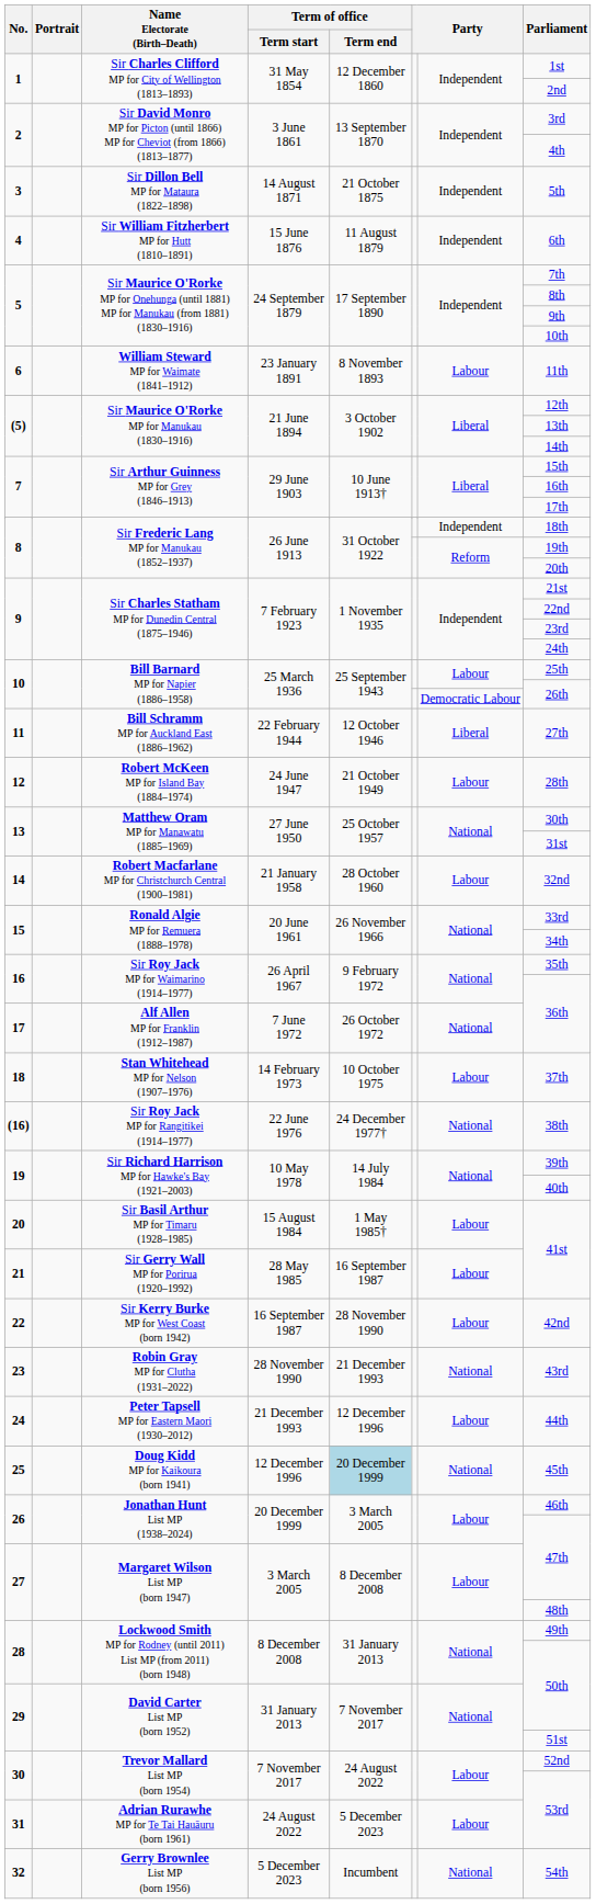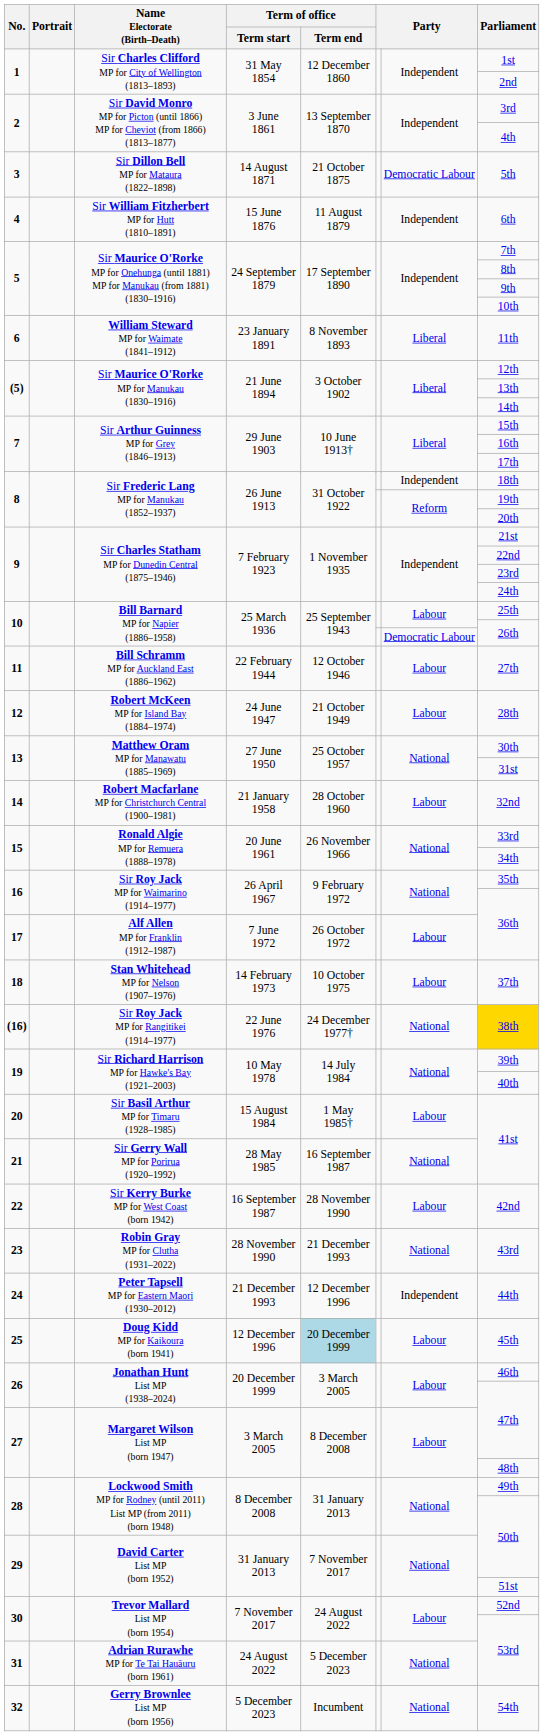 <table class="wikitable" style="text-align:center">
 <tr>
 <th rowspan="2">No.</th>
 <th rowspan="2" scope="col">Portrait</th>
 <th rowspan="2" scope="col" width="200px">Name<br><small>Electorate<br>(Birth–Death)</small></th>
 <th colspan="2" scope="col" width="100px">Term of office</th>
 <th colspan="2" rowspan="2">Party</th>
 <th rowspan="2">Parliament</th>
 </tr>
 <tr>
 <th width="95px">Term start</th>
 <th width="95px">Term end</th>
 </tr>
 <tr>
 <td rowspan="2"><strong>1</strong></td>
 <td rowspan="2"></td>
 <td rowspan="2"><a href='#'>Sir <strong>Charles Clifford</strong></a><br><small>MP for <a href='#'>City of Wellington</a></small><br><small>(1813–1893)</small></td>
 <td rowspan="2">31 May<br>1854</td>
 <td rowspan="2">12 December<br>1860</td>
 <td rowspan="2" style="background:"></td>
 <td rowspan="2">Independent</td>
 <td><a href='#'>1st</a></td>
 </tr>
 <tr>
 <td><a href='#'>2nd</a></td>
 </tr>
 <tr>
 <td rowspan="2"><strong>2</strong></td>
 <td rowspan="2"></td>
 <td rowspan="2"><a href='#'>Sir <strong>David Monro</strong></a><br><small>MP for <a href='#'>Picton</a> (until 1866)</small><br><small>MP for <a href='#'>Cheviot</a> (from 1866)</small><br><small>(1813–1877)</small></td>
 <td rowspan="2">3 June<br>1861</td>
 <td rowspan="2">13 September<br>1870</td>
 <td rowspan="2" style="background:"></td>
 <td rowspan="2">Independent</td>
 <td><a href='#'>3rd</a></td>
 </tr>
 <tr>
 <td><a href='#'>4th</a></td>
 </tr>
 <tr>
 <td><strong>3</strong></td>
 <td></td>
 <td><a href='#'>Sir <strong>Dillon Bell</strong></a><br><small>MP for <a href='#'>Mataura</a></small><br><small>(1822–1898)</small></td>
 <td>14 August<br>1871</td>
 <td>21 October<br>1875</td>
 <td style="background:"></td>
-<td>Independent</td>
+<td><a href='#'>Democratic Labour</a></td>
 <td><a href='#'>5th</a></td>
 </tr>
 <tr>
 <td><strong>4</strong></td>
 <td></td>
 <td><a href='#'>Sir <strong>William Fitzherbert</strong></a><br><small>MP for <a href='#'>Hutt</a></small><br><small>(1810–1891)</small></td>
 <td>15 June<br>1876</td>
 <td>11 August<br>1879</td>
 <td style="background:"></td>
 <td>Independent</td>
 <td><a href='#'>6th</a></td>
 </tr>
 <tr>
 <td rowspan="4"><strong>5</strong></td>
 <td rowspan="4"></td>
 <td rowspan="4"><a href='#'>Sir <strong>Maurice O'Rorke</strong></a><br><small>MP for <a href='#'>Onehunga</a> (until 1881)<br>MP for <a href='#'>Manukau</a> (from 1881)</small><br><small>(1830–1916)</small></td>
 <td rowspan="4">24 September<br>1879</td>
 <td rowspan="4">17 September<br>1890</td>
 <td rowspan="4" style="background:"></td>
 <td rowspan="4">Independent</td>
 <td><a href='#'>7th</a></td>
 </tr>
 <tr>
 <td><a href='#'>8th</a></td>
 </tr>
 <tr>
 <td><a href='#'>9th</a></td>
 </tr>
 <tr>
 <td><a href='#'>10th</a></td>
 </tr>
 <tr>
 <td><strong>6</strong></td>
 <td></td>
 <td><a href='#'><strong>William Steward</strong></a><br><small>MP for <a href='#'>Waimate</a></small><br><small>(1841–1912)</small></td>
 <td>23 January<br>1891</td>
 <td>8 November<br>1893</td>
 <td style="background:"></td>
-<td><a href='#'>Labour</a></td>
+<td><a href='#'>Liberal</a></td>
 <td><a href='#'>11th</a></td>
 </tr>
 <tr>
 <td rowspan="3"><strong>(5)</strong></td>
 <td rowspan="3"></td>
 <td rowspan="3"><a href='#'>Sir <strong>Maurice O'Rorke</strong></a><small><br>MP for <a href='#'>Manukau</a></small><br><small>(1830–1916)</small></td>
 <td rowspan="3">21 June<br>1894</td>
 <td rowspan="3">3 October<br>1902</td>
 <td rowspan="3" style="background:"></td>
 <td rowspan="3"><a href='#'>Liberal</a></td>
 <td><a href='#'>12th</a></td>
 </tr>
 <tr>
 <td><a href='#'>13th</a></td>
 </tr>
 <tr>
 <td><a href='#'>14th</a></td>
 </tr>
 <tr>
 <td rowspan="4"><strong>7</strong></td>
 <td rowspan="4"></td>
 <td rowspan="4"><a href='#'>Sir <strong>Arthur Guinness</strong></a><small><br>MP for <a href='#'>Grey</a></small><br><small>(1846–1913)</small></td>
 <td rowspan="4">29 June<br>1903</td>
 <td rowspan="4">10 June<br>1913†</td>
 <td rowspan="4" style="background:"></td>
 <td rowspan="4"><a href='#'>Liberal</a></td>
 <td><a href='#'>15th</a></td>
 </tr>
 <tr>
 <td><a href='#'>16th</a></td>
 </tr>
 <tr>
 <td><a href='#'>17th</a></td>
 </tr>
 <tr>
 <td rowspan="2"><a href='#'>18th</a></td>
 </tr>
 <tr>
 <td rowspan="3"><strong>8</strong></td>
 <td rowspan="3"></td>
 <td rowspan="3"><a href='#'>Sir <strong>Frederic Lang</strong></a><small><br>MP for <a href='#'>Manukau</a></small><br><small>(1852–1937)</small></td>
 <td rowspan="3">26 June<br>1913</td>
 <td rowspan="3">31 October<br>1922</td>
 <td style="background:"></td>
 <td>Independent</td>
 </tr>
 <tr>
 <td rowspan="2" style="background:"></td>
 <td rowspan="2"><a href='#'>Reform</a></td>
 <td><a href='#'>19th</a></td>
 </tr>
 <tr>
 <td><a href='#'>20th</a><wbr></td>
 </tr>
 <tr>
 <td rowspan="4"><strong>9</strong></td>
 <td rowspan="4"></td>
 <td rowspan="4"><a href='#'>Sir <strong>Charles Statham</strong></a><small><br>MP for <a href='#'>Dunedin Central</a></small><br><small>(1875–1946)</small></td>
 <td rowspan="4">7 February<br>1923</td>
 <td rowspan="4">1 November<br>1935</td>
 <td rowspan="4" style="background:"></td>
 <td rowspan="4">Independent</td>
 <td><a href='#'>21st</a></td>
 </tr>
 <tr>
 <td><a href='#'>22nd</a></td>
 </tr>
 <tr>
 <td><a href='#'>23rd</a></td>
 </tr>
 <tr>
 <td><a href='#'>24th</a></td>
 </tr>
 <tr>
 <td rowspan="3"><strong>10</strong></td>
 <td rowspan="3"></td>
 <td rowspan="3"><strong><a href='#'>Bill Barnard</a></strong><small><br>MP for <a href='#'>Napier</a></small><br><small>(1886–1958)</small></td>
 <td rowspan="3">25 March<br>1936</td>
 <td rowspan="3">25 September<br>1943</td>
 <td rowspan="2" style="background:"></td>
 <td rowspan="2"><a href='#'>Labour</a></td>
 <td><a href='#'>25th</a><wbr></td>
 </tr>
 <tr>
 <td rowspan="2"><a href='#'>26th</a></td>
 </tr>
 <tr>
 <td style="background:"></td>
 <td><a href='#'>Democratic Labour</a></td>
 </tr>
 <tr>
 <td><strong>11</strong></td>
 <td></td>
 <td><strong><a href='#'>Bill Schramm</a></strong><small><br>MP for <a href='#'>Auckland East</a></small><br><small>(1886–1962)</small></td>
 <td>22 February<br>1944</td>
 <td>12 October<br>1946</td>
 <td style="background:"></td>
-<td><a href='#'>Liberal</a></td>
+<td><a href='#'>Labour</a></td>
 <td><a href='#'>27th</a></td>
 </tr>
 <tr>
 <td><strong>12</strong></td>
 <td></td>
 <td><strong><a href='#'>Robert McKeen</a></strong><small><br>MP for <a href='#'>Island Bay</a></small><br><small>(1884–1974)</small></td>
 <td>24 June<br>1947</td>
 <td>21 October<br>1949</td>
 <td style="background:"></td>
 <td><a href='#'>Labour</a></td>
 <td><a href='#'>28th</a></td>
 </tr>
 <tr>
 <td rowspan="2"><strong>13</strong></td>
 <td rowspan="2"></td>
 <td rowspan="2"><strong><a href='#'>Matthew Oram</a></strong><small><br>MP for <a href='#'>Manawatu</a></small><br><small>(1885–1969)</small></td>
 <td rowspan="2">27 June<br>1950</td>
 <td rowspan="2">25 October<br>1957</td>
 <td rowspan="2" style="background:"></td>
 <td rowspan="2"><a href='#'>National</a></td>
 <td><a href='#'>30th</a><wbr></td>
 </tr>
 <tr>
 <td><a href='#'>31st</a></td>
 </tr>
 <tr>
 <td><strong>14</strong></td>
 <td></td>
 <td><a href='#'><strong>Robert Macfarlane</strong></a><small><br>MP for <a href='#'>Christchurch Central</a></small><br><small>(1900–1981)</small></td>
 <td>21 January<br>1958</td>
 <td>28 October<br>1960</td>
 <td style="background:"></td>
 <td><a href='#'>Labour</a></td>
 <td><a href='#'>32nd</a></td>
 </tr>
 <tr>
 <td rowspan="2"><strong>15</strong></td>
 <td rowspan="2"></td>
 <td rowspan="2"><strong><a href='#'>Ronald Algie</a></strong><small><br>MP for <a href='#'>Remuera</a></small><br><small>(1888–1978)</small></td>
 <td rowspan="2">20 June<br>1961</td>
 <td rowspan="2">26 November<br>1966</td>
 <td rowspan="2" style="background:"></td>
 <td rowspan="2"><a href='#'>National</a></td>
 <td><a href='#'>33rd</a></td>
 </tr>
 <tr>
 <td><a href='#'>34th</a></td>
 </tr>
 <tr>
 <td rowspan="2"><strong>16</strong></td>
 <td rowspan="2"></td>
 <td rowspan="2"><a href='#'>Sir <strong>Roy Jack</strong></a><small><br>MP for <a href='#'>Waimarino</a></small><br><small>(1914–1977)</small></td>
 <td rowspan="2">26 April<br>1967</td>
 <td rowspan="2">9 February<br>1972</td>
 <td rowspan="2" style="background:"></td>
 <td rowspan="2"><a href='#'>National</a></td>
 <td><a href='#'>35th</a></td>
 </tr>
 <tr>
 <td rowspan="2"><a href='#'>36th</a></td>
 </tr>
 <tr>
 <td><strong>17</strong></td>
 <td></td>
 <td><strong><a href='#'>Alf Allen</a></strong><small><br>MP for <a href='#'>Franklin</a></small><br><small>(1912–1987)</small></td>
 <td>7 June<br>1972</td>
 <td>26 October<br>1972</td>
 <td style="background:"></td>
-<td><a href='#'>National</a></td>
+<td><a href='#'>Labour</a></td>
 </tr>
 <tr>
 <td><strong>18</strong></td>
 <td></td>
 <td><strong><a href='#'>Stan Whitehead</a></strong><small><br>MP for <a href='#'>Nelson</a></small><br><small>(1907–1976)</small></td>
 <td>14 February<br>1973</td>
 <td>10 October<br>1975</td>
 <td style="background:"></td>
 <td><a href='#'>Labour</a></td>
 <td><a href='#'>37th</a></td>
 </tr>
 <tr>
 <td><strong>(16)</strong></td>
 <td></td>
 <td><a href='#'>Sir <strong>Roy Jack</strong></a><small><br>MP for <a href='#'>Rangitikei</a></small><br><small>(1914–1977)</small></td>
 <td>22 June<br>1976</td>
 <td>24 December<br>1977†</td>
 <td style="background:"></td>
 <td><a href='#'>National</a></td>
-<td><a href='#'>38th</a></td>
+<td style="background: gold;"><a href='#'>38th</a></td>
 </tr>
 <tr>
 <td rowspan="2"><strong>19</strong></td>
 <td rowspan="2"></td>
 <td rowspan="2"><a href='#'>Sir <strong>Richard Harrison</strong></a><small><br>MP for <a href='#'>Hawke's Bay</a></small><br><small>(1921–2003)</small></td>
 <td rowspan="2">10 May<br>1978</td>
 <td rowspan="2">14 July<br>1984</td>
 <td rowspan="2" style="background:"></td>
 <td rowspan="2"><a href='#'>National</a></td>
 <td><a href='#'>39th</a></td>
 </tr>
 <tr>
 <td><a href='#'>40th</a></td>
 </tr>
 <tr>
 <td><strong>20</strong></td>
 <td></td>
 <td><a href='#'>Sir <strong>Basil Arthur</strong></a><small><br>MP for <a href='#'>Timaru</a></small><br><small>(1928–1985)</small></td>
 <td>15 August<br>1984</td>
 <td>1 May<br>1985†</td>
 <td style="background:"></td>
 <td><a href='#'>Labour</a></td>
 <td rowspan="2"><a href='#'>41st</a></td>
 </tr>
 <tr>
 <td><strong>21</strong></td>
 <td></td>
 <td><a href='#'>Sir <strong>Gerry Wall</strong></a><small><br>MP for <a href='#'>Porirua</a></small><br><small>(1920–1992)</small></td>
 <td>28 May<br>1985</td>
 <td>16 September<br>1987</td>
 <td style="background:"></td>
-<td><a href='#'>Labour</a></td>
+<td><a href='#'>National</a></td>
 </tr>
 <tr>
 <td><strong>22</strong></td>
 <td></td>
 <td><a href='#'>Sir <strong>Kerry Burke</strong></a><small><br>MP for <a href='#'>West Coast</a></small><br><small>(born 1942)</small></td>
 <td>16 September<br>1987</td>
 <td>28 November<br>1990</td>
 <td style="background:"></td>
 <td><a href='#'>Labour</a></td>
 <td><a href='#'>42nd</a></td>
 </tr>
 <tr>
 <td><strong>23</strong></td>
 <td></td>
 <td><a href='#'><strong>Robin Gray</strong></a><small><br>MP for <a href='#'>Clutha</a></small><br><small>(1931–2022)</small></td>
 <td>28 November<br>1990</td>
 <td>21 December<br>1993</td>
 <td style="background:"></td>
 <td><a href='#'>National</a></td>
 <td><a href='#'>43rd</a></td>
 </tr>
 <tr>
 <td><strong>24</strong></td>
 <td></td>
 <td><a href='#'><strong>Peter Tapsell</strong></a><small><br>MP for <a href='#'>Eastern Maori</a></small><br><small>(1930–2012)</small></td>
 <td>21 December<br>1993</td>
 <td>12 December<br>1996</td>
 <td style="background:"></td>
-<td><a href='#'>Labour</a></td>
+<td>Independent</td>
 <td><a href='#'>44th</a></td>
 </tr>
 <tr>
 <td><strong>25</strong></td>
 <td></td>
 <td><strong><a href='#'>Doug Kidd</a></strong><small><br>MP for <a href='#'>Kaikoura</a></small><br><small>(born 1941)</small></td>
 <td>12 December<br>1996</td>
 <td style="background: lightblue;">20 December<br>1999</td>
 <td style="background:"></td>
-<td><a href='#'>National</a></td>
+<td><a href='#'>Labour</a></td>
 <td><a href='#'>45th</a><wbr></td>
 </tr>
 <tr>
 <td rowspan="2"><strong>26</strong></td>
 <td rowspan="2"></td>
 <td rowspan="2"><a href='#'><strong>Jonathan Hunt</strong></a><small><br>List MP</small><br><small>(1938–2024)</small></td>
 <td rowspan="2">20 December<br>1999</td>
 <td rowspan="2">3 March<br>2005</td>
 <td rowspan="2" style="background:"></td>
 <td rowspan="2"><a href='#'>Labour</a></td>
 <td><a href='#'>46th</a></td>
 </tr>
 <tr>
 <td rowspan="2"><a href='#'>47th</a><wbr></td>
 </tr>
 <tr style="height:70px">
 <td rowspan="2"><strong>27</strong></td>
 <td rowspan="2"></td>
 <td rowspan="2"><strong><a href='#'>Margaret Wilson</a></strong><small><br>List MP</small><br><small>(born 1947)</small></td>
 <td rowspan="2">3 March<br>2005</td>
 <td rowspan="2">8 December<br>2008</td>
 <td rowspan="2" style="background:"></td>
 <td rowspan="2"><a href='#'>Labour</a></td>
 </tr>
 <tr>
 <td><a href='#'>48th</a></td>
 </tr>
 <tr>
 <td rowspan="2"><strong>28</strong></td>
 <td rowspan="2"></td>
 <td rowspan="2"><strong><a href='#'>Lockwood Smith</a></strong><small><br>MP for <a href='#'>Rodney</a> (until 2011)<br>List MP (from 2011)</small><br><small>(born 1948)</small></td>
 <td rowspan="2">8 December<br>2008</td>
 <td rowspan="2">31 January<br>2013</td>
 <td rowspan="2" style="background:"></td>
 <td rowspan="2"><a href='#'>National</a></td>
 <td><a href='#'>49th</a></td>
 </tr>
 <tr>
 <td rowspan="2"><a href='#'>50th</a></td>
 </tr>
 <tr style="height:58px">
 <td rowspan="2"><strong>29</strong></td>
 <td rowspan="2"></td>
 <td rowspan="2"><a href='#'><strong>David Carter</strong></a><small><br>List MP</small><br><small>(born 1952)</small></td>
 <td rowspan="2">31 January<br>2013</td>
 <td rowspan="2">7 November<br>2017</td>
 <td rowspan="2" style="background:"></td>
 <td rowspan="2"><a href='#'>National</a></td>
 </tr>
 <tr>
 <td><a href='#'>51st</a></td>
 </tr>
 <tr>
 <td rowspan="2"><strong>30</strong></td>
 <td rowspan="2"></td>
 <td rowspan="2"><strong><a href='#'>Trevor Mallard</a></strong><small><br>List MP</small><br><small>(born 1954)</small></td>
 <td rowspan="2">7 November<br>2017</td>
 <td rowspan="2">24 August<br>2022</td>
 <td rowspan="2" style="background:"></td>
 <td rowspan="2"><a href='#'>Labour</a></td>
 <td><a href='#'>52nd</a></td>
 </tr>
 <tr>
 <td rowspan="2"><a href='#'>53rd</a></td>
 </tr>
 <tr>
 <td><strong>31</strong></td>
 <td></td>
 <td><strong><a href='#'>Adrian Rurawhe</a></strong><small><br>MP for <a href='#'>Te Tai Hauāuru</a></small><br><small>(born 1961)</small></td>
 <td>24 August<br>2022</td>
 <td>5 December<br>2023</td>
 <td style="background:"></td>
-<td><a href='#'>Labour</a></td>
+<td><a href='#'>National</a></td>
 </tr>
 <tr>
 <td><strong>32</strong></td>
 <td></td>
 <td><strong><a href='#'>Gerry Brownlee</a></strong><small><br>List MP</small><br><small>(born 1956)</small></td>
 <td>5 December<br>2023</td>
 <td>Incumbent</td>
 <td style="background:"></td>
 <td><a href='#'>National</a></td>
 <td><a href='#'>54th</a></td>
 </tr>
 </table>
